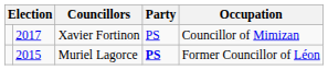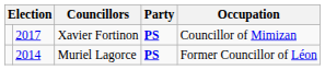 <table class="wikitable">
 <tr>
 <th colspan="2">Election</th>
 <th>Councillors</th>
 <th>Party</th>
 <th>Occupation</th>
 </tr>
 <tr>
 <td style="background-color: "></td>
 <td><a href='#'>2017</a></td>
 <td>Xavier Fortinon</td>
-<td><a href='#'>PS</a></td>
+<td><strong><a href='#'>PS</a></strong></td>
 <td>Councillor of <a href='#'>Mimizan</a></td>
 </tr>
 <tr>
 <td style="background-color: "></td>
-<td><a href='#'>2015</a></td>
+<td><a href='#'>2014</a></td>
 <td>Muriel Lagorce</td>
 <td><strong><a href='#'>PS</a></strong></td>
 <td>Former Councillor of <a href='#'>Léon</a></td>
 </tr>
 </table>
